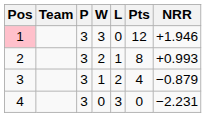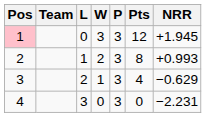 <table class="wikitable">
 <tr>
 <th>Pos</th>
 <th>Team</th>
+<th>L</th>
+<th>W</th>
 <th>P</th>
-<th>W</th>
-<th>L</th>
 <th>Pts</th>
 <th>NRR</th>
 </tr>
 <tr style="text-align:center;">
 <td style="background: pink;">1</td>
 <td style="text-align:left;"></td>
+<td>0</td>
 <td>3</td>
 <td>3</td>
-<td>0</td>
 <td>12</td>
-<td>+1.946</td>
+<td>+1.945</td>
 </tr>
 <tr style="text-align:center;">
 <td>2</td>
 <td style="text-align:left;"></td>
+<td>1</td>
+<td>2</td>
 <td>3</td>
-<td>2</td>
-<td>1</td>
 <td>8</td>
 <td>+0.993</td>
 </tr>
 <tr style="text-align:center;">
 <td>3</td>
 <td style="text-align:left;"></td>
+<td>2</td>
+<td>1</td>
 <td>3</td>
-<td>1</td>
-<td>2</td>
 <td>4</td>
-<td>−0.879</td>
+<td>−0.629</td>
 </tr>
 <tr style="text-align:center;">
 <td>4</td>
 <td style="text-align:left;"></td>
 <td>3</td>
 <td>0</td>
 <td>3</td>
 <td>0</td>
 <td>−2.231</td>
 </tr>
 </table>
